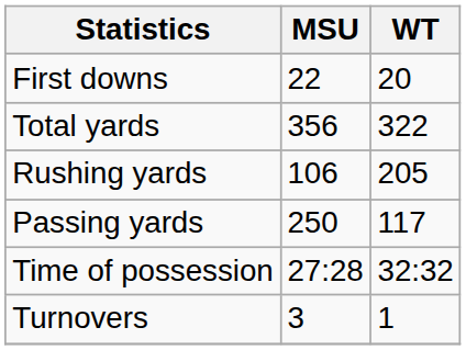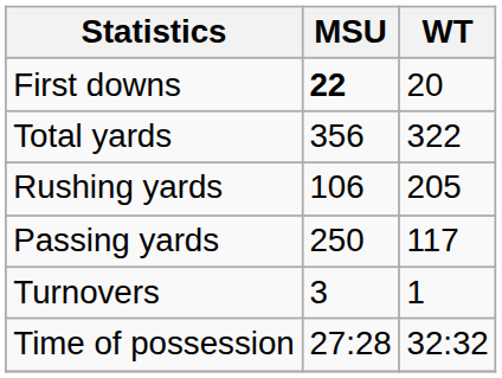 <table class="wikitable" style="float: left;">
 <tr>
 <th>Statistics</th>
 <th>MSU</th>
 <th>WT</th>
 </tr>
 <tr>
 <td>First downs</td>
-<td>22</td>
+<td><strong>22</strong></td>
 <td>20</td>
 </tr>
 <tr>
 <td>Total yards</td>
 <td>356</td>
 <td>322</td>
 </tr>
 <tr>
 <td>Rushing yards</td>
 <td>106</td>
 <td>205</td>
 </tr>
 <tr>
 <td>Passing yards</td>
 <td>250</td>
 <td>117</td>
 </tr>
 <tr>
+<td>Turnovers</td>
+<td>3</td>
+<td>1</td>
+</tr>
+<tr>
 <td>Time of possession</td>
 <td>27:28</td>
 <td>32:32</td>
 </tr>
 <tr>
-<td>Turnovers</td>
-<td>3</td>
-<td>1</td>
-</tr>
-<tr>
 </tr>
 </table>
